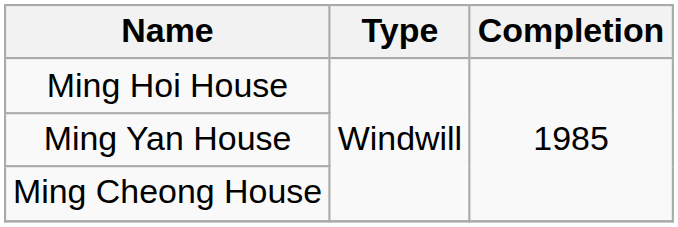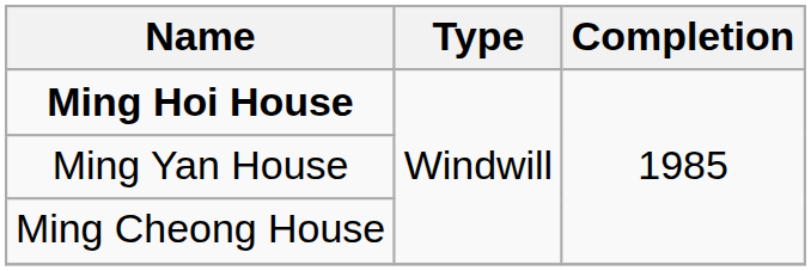 <table class="wikitable" style="text-align: center">
 <tr>
 <th>Name</th>
 <th>Type</th>
 <th>Completion</th>
 </tr>
 <tr>
-<td>Ming Hoi House</td>
+<td><strong>Ming Hoi House</strong></td>
 <td rowspan="3">Windwill</td>
 <td rowspan="3">1985</td>
 </tr>
 <tr>
 <td>Ming Yan House</td>
 </tr>
 <tr>
 <td>Ming Cheong House</td>
 </tr>
 <tr>
 </tr>
 </table>
